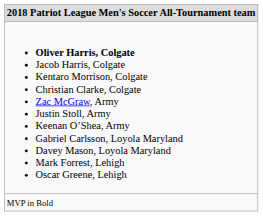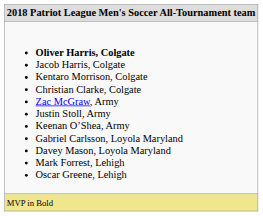 <table class="wikitable" style="white-space:nowrap; font-size:90%;">
 <tr>
 <td colspan="7" style="text-align:center; background:#ddd;"><strong>2018 Patriot League Men's Soccer All-Tournament team</strong></td>
 </tr>
 <tr>
 <td><br><ul><li><strong>Oliver Harris, Colgate</strong></li><li>Jacob Harris, Colgate</li><li>Kentaro Morrison, Colgate</li><li>Christian Clarke, Colgate</li><li><a href='#'>Zac McGraw</a>, Army</li><li>Justin Stoll, Army</li><li>Keenan O’Shea, Army</li><li>Gabriel Carlsson, Loyola Maryland</li><li>Davey Mason, Loyola Maryland</li><li>Mark Forrest, Lehigh</li><li>Oscar Greene, Lehigh</li></ul></td>
 </tr>
 <tr>
-<td><small>MVP in Bold</small></td>
+<td style="background: khaki;"><small>MVP in Bold</small></td>
 </tr>
 </table>
